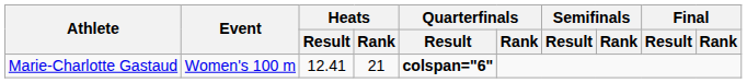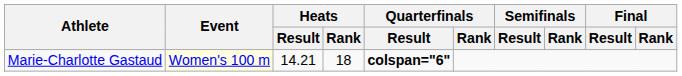 <table class=wikitable style="font-size:90%;text-align:center">
 <tr>
 <th rowspan=2>Athlete</th>
 <th rowspan=2>Event</th>
 <th colspan=2>Heats</th>
 <th colspan=2>Quarterfinals</th>
 <th colspan=2>Semifinals</th>
 <th colspan=2>Final</th>
 </tr>
 <tr>
 <th>Result</th>
 <th>Rank</th>
 <th>Result</th>
 <th>Rank</th>
 <th>Result</th>
 <th>Rank</th>
 <th>Result</th>
 <th>Rank</th>
 </tr>
 <tr>
 <td align=left><a href='#'>Marie-Charlotte Gastaud</a></td>
-<td align=left><a href='#'>Women's 100 m</a></td>
-<td>12.41</td>
-<td>21 </td>
+<td align=left style="background: lightyellow;"><a href='#'>Women's 100 m</a></td>
+<td>14.21</td>
+<td>18 </td>
 <td><strong>colspan="6" </strong></td>
 </tr>
 </table>
